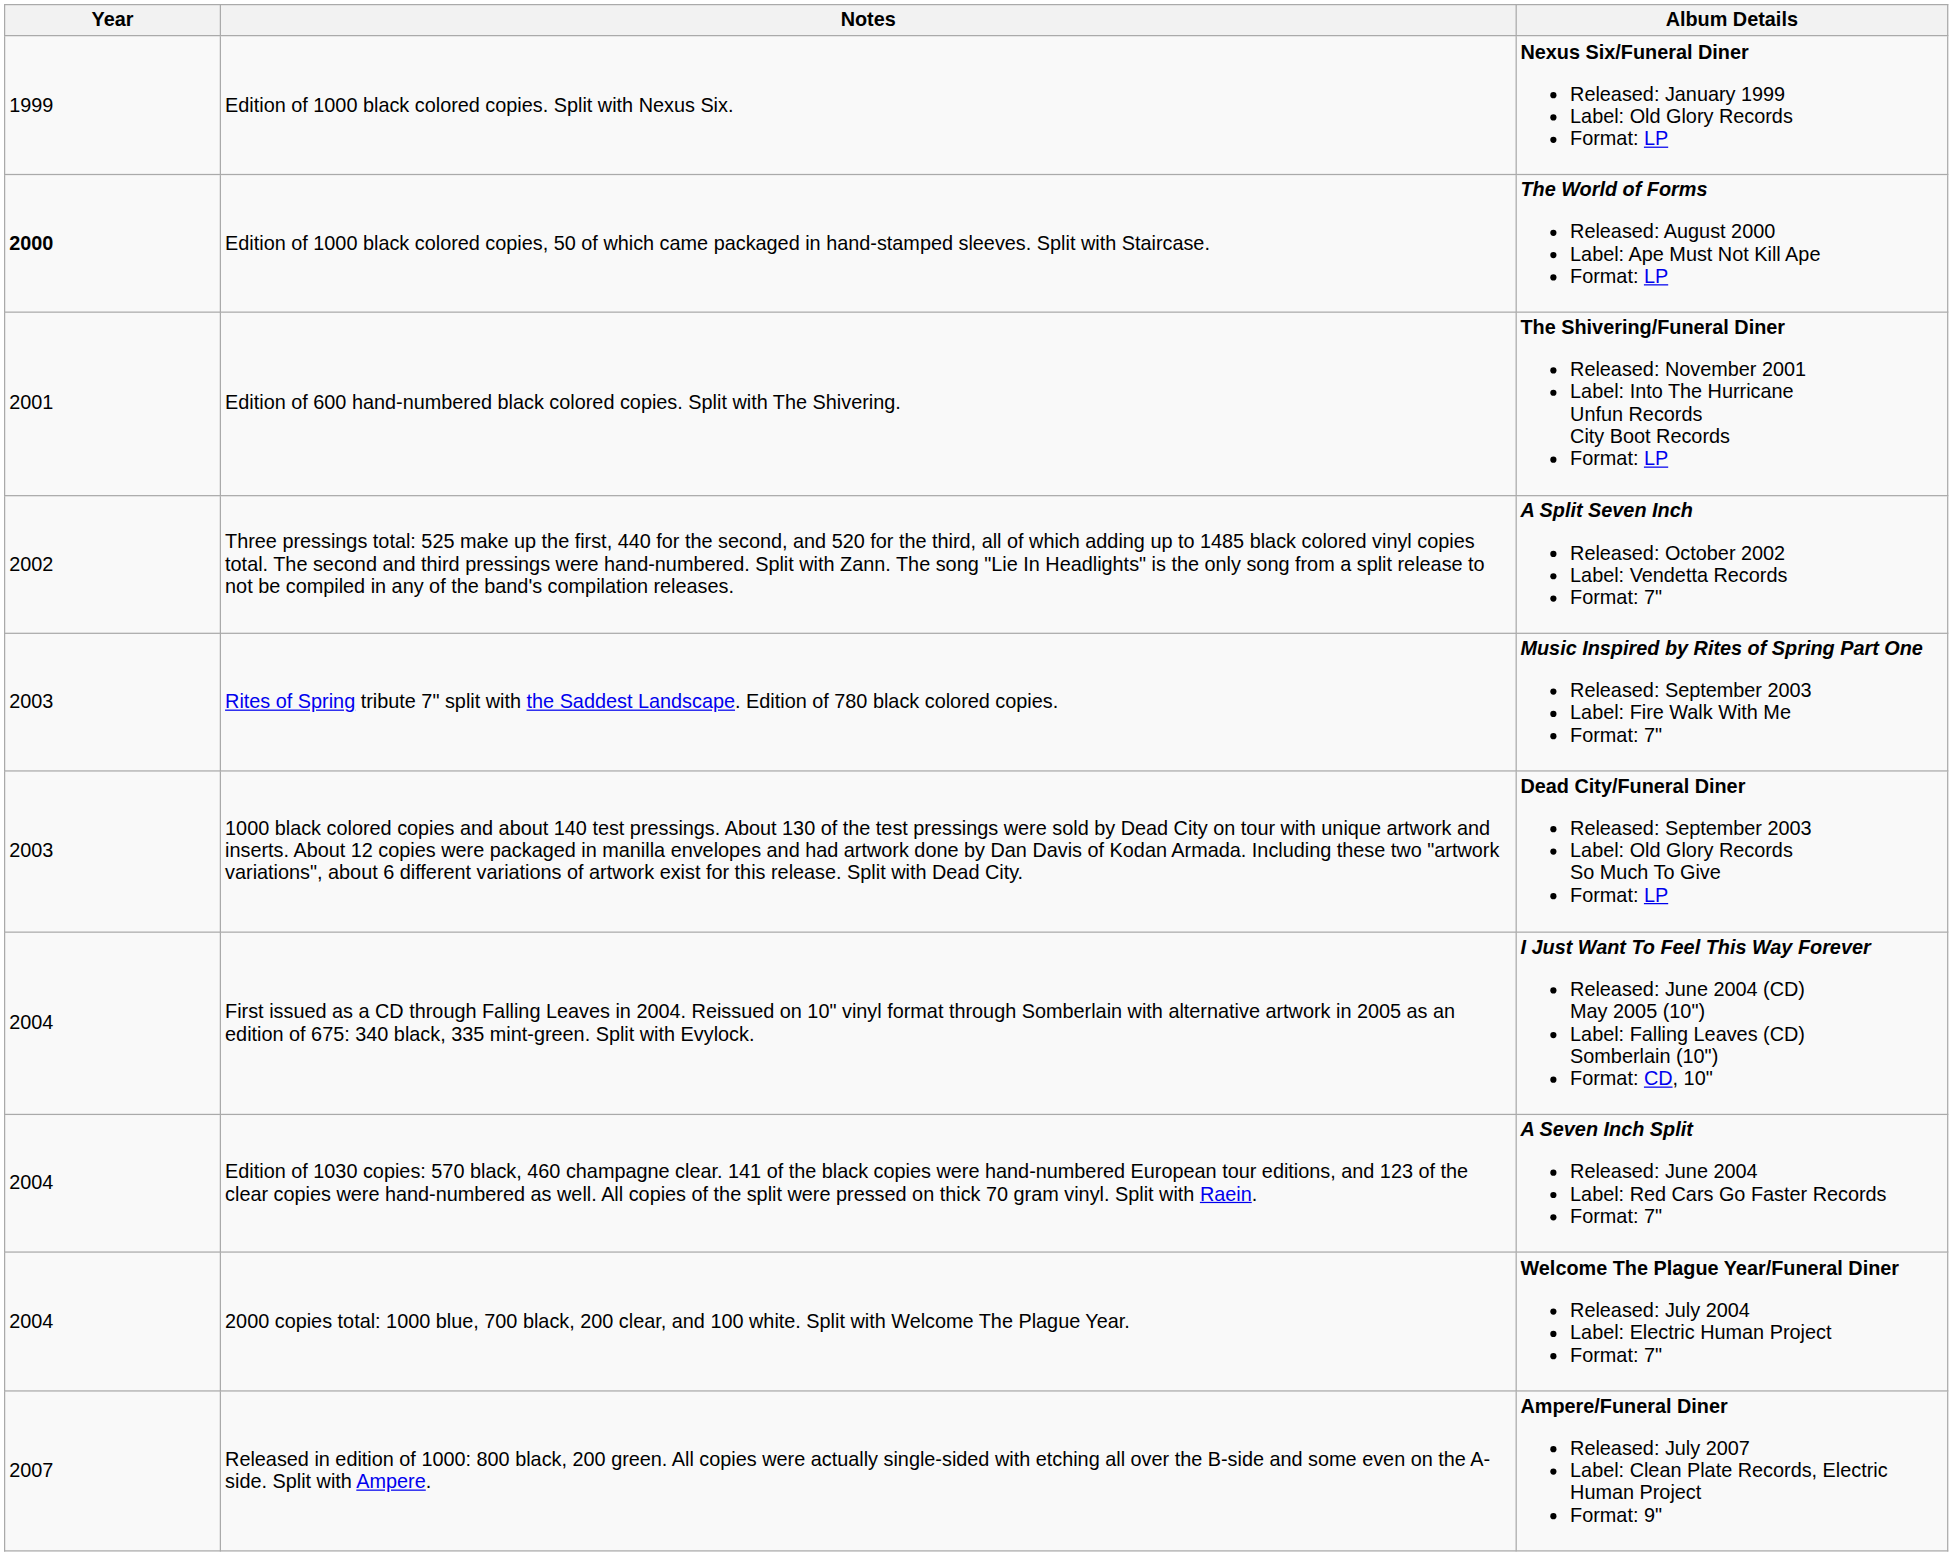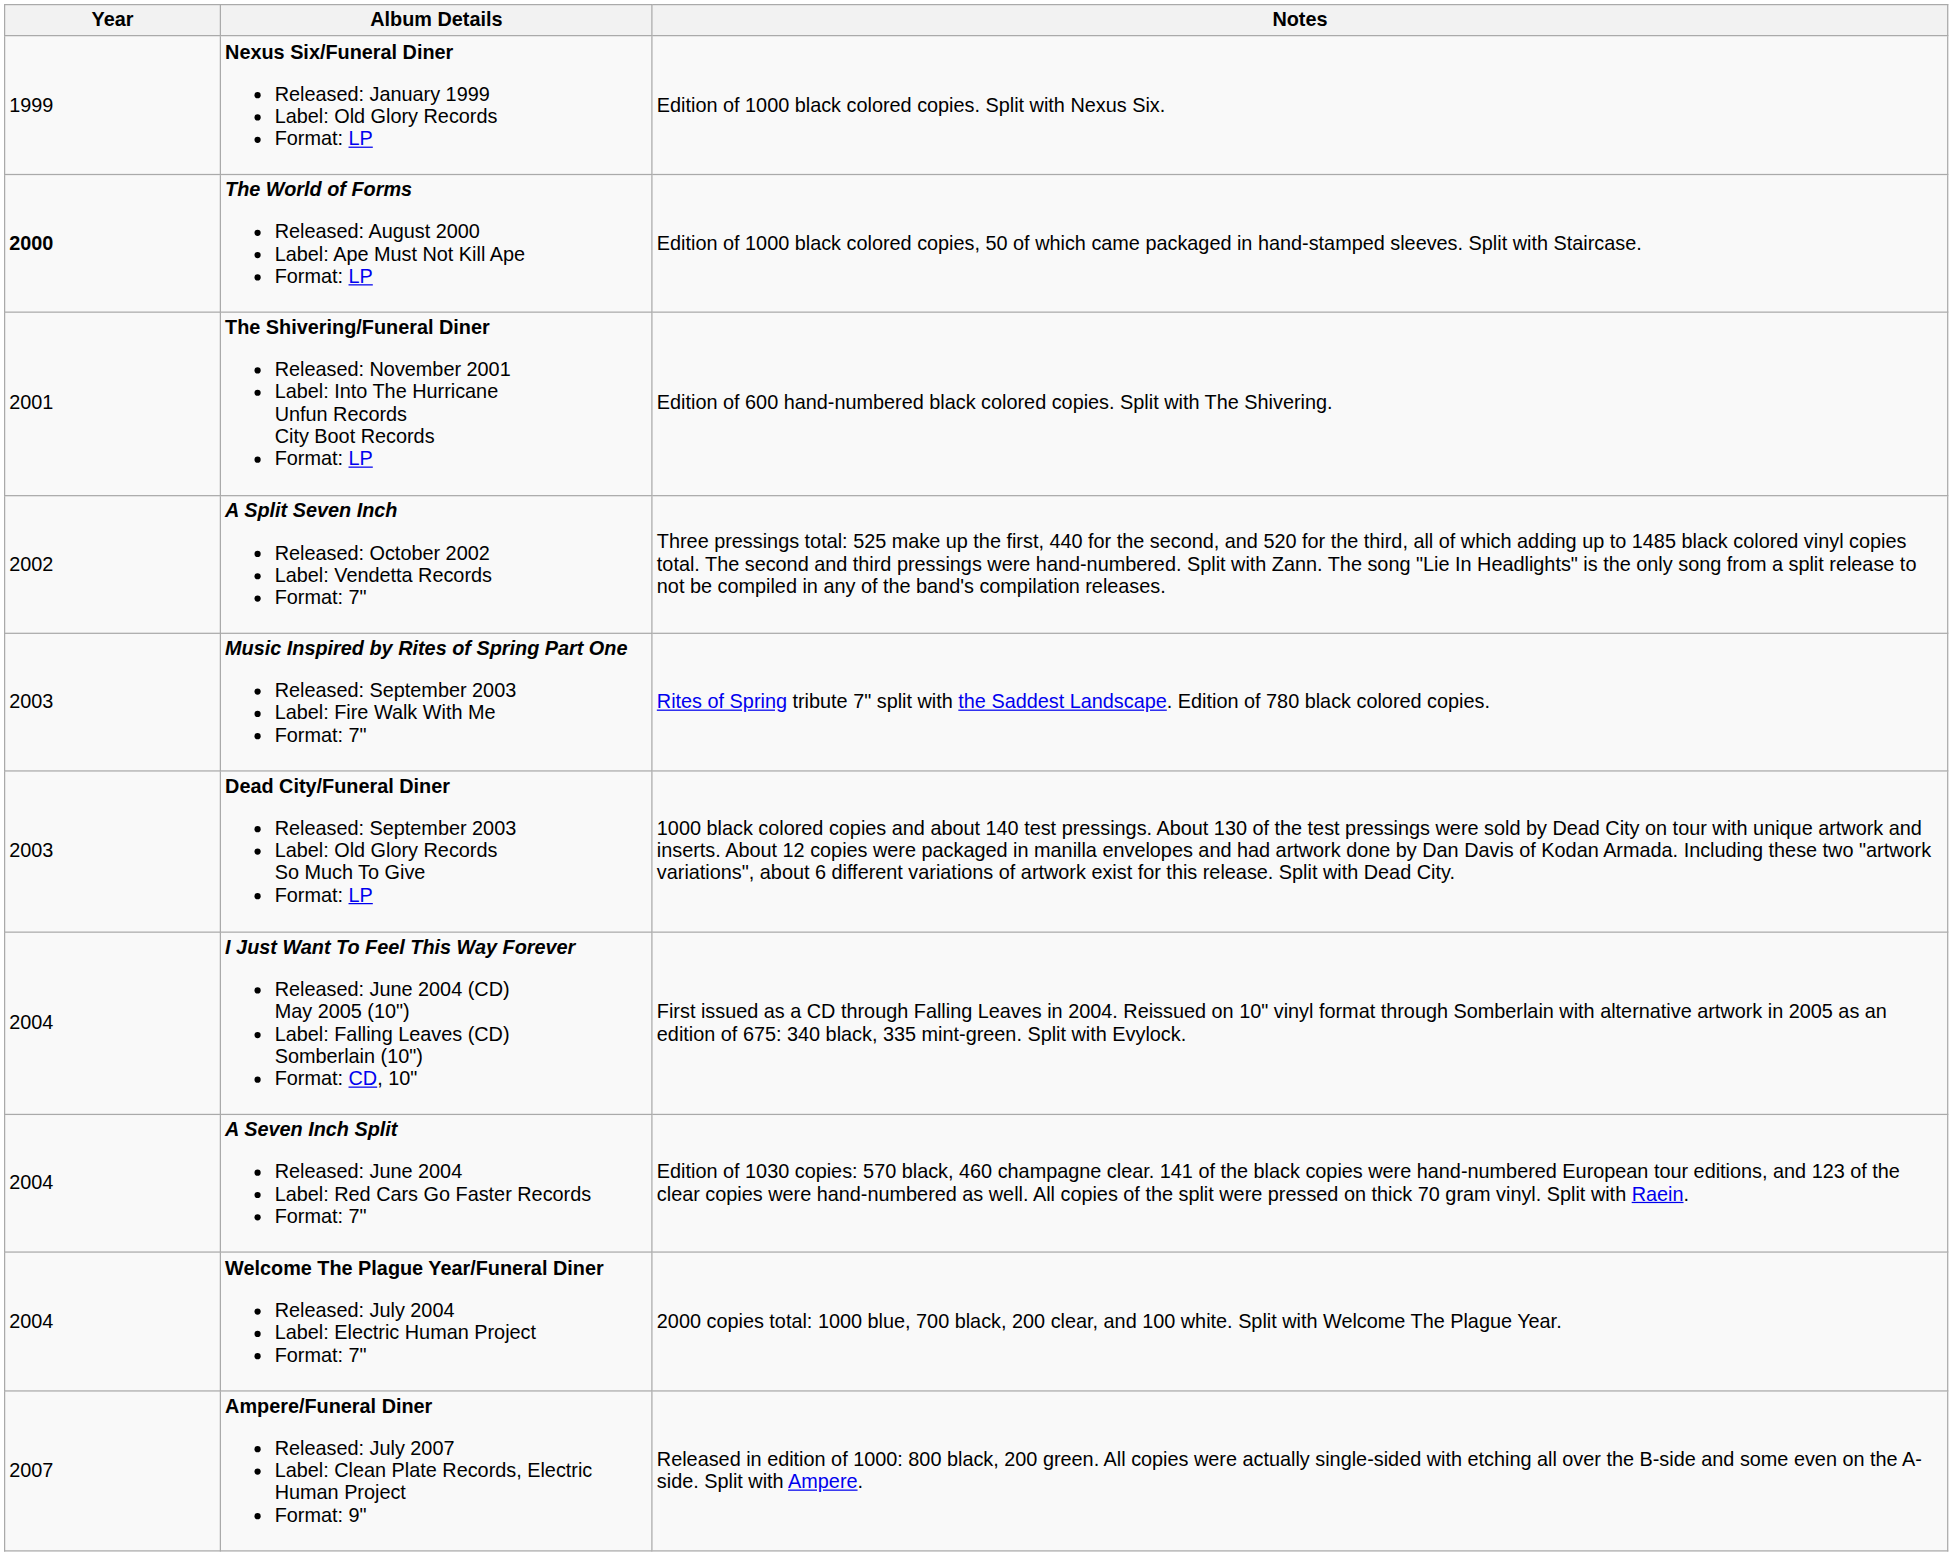 <table class ="wikitable">
 <tr>
 <th style="width: 5%">Year</th>
+<th style="width:10%">Album Details</th>
 <th style="width:30%">Notes</th>
-<th style="width:10%">Album Details</th>
 </tr>
 <tr>
 <td>1999</td>
+<td><strong>Nexus Six/Funeral Diner</strong><br><ul><li>Released: January 1999</li><li>Label: Old Glory Records</li><li>Format: <a href='#'>LP</a></li></ul></td>
 <td>Edition of 1000 black colored copies. Split with Nexus Six.</td>
-<td><strong>Nexus Six/Funeral Diner</strong><br><ul><li>Released: January 1999</li><li>Label: Old Glory Records</li><li>Format: <a href='#'>LP</a></li></ul></td>
 </tr>
 <tr>
 <td><strong>2000</strong></td>
+<td><strong><em>The World of Forms</em></strong><br><ul><li>Released: August 2000</li><li>Label: Ape Must Not Kill Ape</li><li>Format: <a href='#'>LP</a></li></ul></td>
 <td>Edition of 1000 black colored copies, 50 of which came packaged in hand-stamped sleeves. Split with Staircase.</td>
-<td><strong><em>The World of Forms</em></strong><br><ul><li>Released: August 2000</li><li>Label: Ape Must Not Kill Ape</li><li>Format: <a href='#'>LP</a></li></ul></td>
 </tr>
 <tr>
 <td>2001</td>
+<td><strong>The Shivering/Funeral Diner</strong><br><ul><li>Released: November 2001</li><li>Label: Into The Hurricane <br> Unfun Records <br> City Boot Records</li><li>Format: <a href='#'>LP</a></li></ul></td>
 <td>Edition of 600 hand-numbered black colored copies. Split with The Shivering.</td>
-<td><strong>The Shivering/Funeral Diner</strong><br><ul><li>Released: November 2001</li><li>Label: Into The Hurricane <br> Unfun Records <br> City Boot Records</li><li>Format: <a href='#'>LP</a></li></ul></td>
 </tr>
 <tr>
 <td>2002</td>
+<td><strong><em>A Split Seven Inch</em></strong><br><ul><li>Released: October 2002</li><li>Label: Vendetta Records</li><li>Format: 7"</li></ul></td>
 <td>Three pressings total: 525 make up the first, 440 for the second, and 520 for the third, all of which adding up to 1485 black colored vinyl copies total. The second and third pressings were hand-numbered. Split with Zann. The song "Lie In Headlights" is the only song from a split release to not be compiled in any of the band's compilation releases.</td>
-<td><strong><em>A Split Seven Inch</em></strong><br><ul><li>Released: October 2002</li><li>Label: Vendetta Records</li><li>Format: 7"</li></ul></td>
 </tr>
 <tr>
 <td>2003</td>
+<td><strong><em>Music Inspired by Rites of Spring Part One</em></strong><br><ul><li>Released: September 2003</li><li>Label: Fire Walk With Me</li><li>Format: 7"</li></ul></td>
 <td><a href='#'>Rites of Spring</a> tribute 7" split with <a href='#'>the Saddest Landscape</a>. Edition of 780 black colored copies.</td>
-<td><strong><em>Music Inspired by Rites of Spring Part One</em></strong><br><ul><li>Released: September 2003</li><li>Label: Fire Walk With Me</li><li>Format: 7"</li></ul></td>
 </tr>
 <tr>
 <td>2003</td>
+<td><strong>Dead City/Funeral Diner</strong><br><ul><li>Released: September 2003</li><li>Label: Old Glory Records <br> So Much To Give</li><li>Format: <a href='#'>LP</a></li></ul></td>
 <td>1000 black colored copies and about 140 test pressings. About 130 of the test pressings were sold by Dead City on tour with unique artwork and inserts. About 12 copies were packaged in manilla envelopes and had artwork done by Dan Davis of Kodan Armada. Including these two "artwork variations", about 6 different variations of artwork exist for this release. Split with Dead City.</td>
-<td><strong>Dead City/Funeral Diner</strong><br><ul><li>Released: September 2003</li><li>Label: Old Glory Records <br> So Much To Give</li><li>Format: <a href='#'>LP</a></li></ul></td>
 </tr>
 <tr>
 <td>2004</td>
+<td><strong><em>I Just Want To Feel This Way Forever</em></strong><br><ul><li>Released: June 2004 (CD) <br> May 2005 (10")</li><li>Label: Falling Leaves (CD) <br> Somberlain (10")</li><li>Format: <a href='#'>CD</a>, 10"</li></ul></td>
 <td>First issued as a CD through Falling Leaves in 2004. Reissued on 10" vinyl format through Somberlain with alternative artwork in 2005 as an edition of 675: 340 black, 335 mint-green. Split with Evylock.</td>
-<td><strong><em>I Just Want To Feel This Way Forever</em></strong><br><ul><li>Released: June 2004 (CD) <br> May 2005 (10")</li><li>Label: Falling Leaves (CD) <br> Somberlain (10")</li><li>Format: <a href='#'>CD</a>, 10"</li></ul></td>
 </tr>
 <tr>
 <td>2004</td>
+<td><strong><em>A Seven Inch Split</em></strong><br><ul><li>Released: June 2004</li><li>Label: Red Cars Go Faster Records</li><li>Format: 7"</li></ul></td>
 <td>Edition of 1030 copies: 570 black, 460 champagne clear. 141 of the black copies were hand-numbered European tour editions, and 123 of the clear copies were hand-numbered as well. All copies of the split were pressed on thick 70 gram vinyl. Split with <a href='#'>Raein</a>.</td>
-<td><strong><em>A Seven Inch Split</em></strong><br><ul><li>Released: June 2004</li><li>Label: Red Cars Go Faster Records</li><li>Format: 7"</li></ul></td>
 </tr>
 <tr>
 <td>2004</td>
+<td><strong>Welcome The Plague Year/Funeral Diner</strong><br><ul><li>Released: July 2004</li><li>Label: Electric Human Project</li><li>Format: 7"</li></ul></td>
 <td>2000 copies total: 1000 blue, 700 black, 200 clear, and 100 white. Split with Welcome The Plague Year.</td>
-<td><strong>Welcome The Plague Year/Funeral Diner</strong><br><ul><li>Released: July 2004</li><li>Label: Electric Human Project</li><li>Format: 7"</li></ul></td>
 </tr>
 <tr>
 <td>2007</td>
+<td><strong>Ampere/Funeral Diner</strong><br><ul><li>Released: July 2007</li><li>Label: Clean Plate Records, Electric Human Project</li><li>Format: 9"</li></ul></td>
 <td>Released in edition of 1000: 800 black, 200 green. All copies were actually single-sided with etching all over the B-side and some even on the A-side. Split with <a href='#'>Ampere</a>.</td>
-<td><strong>Ampere/Funeral Diner</strong><br><ul><li>Released: July 2007</li><li>Label: Clean Plate Records, Electric Human Project</li><li>Format: 9"</li></ul></td>
 </tr>
 </table>
